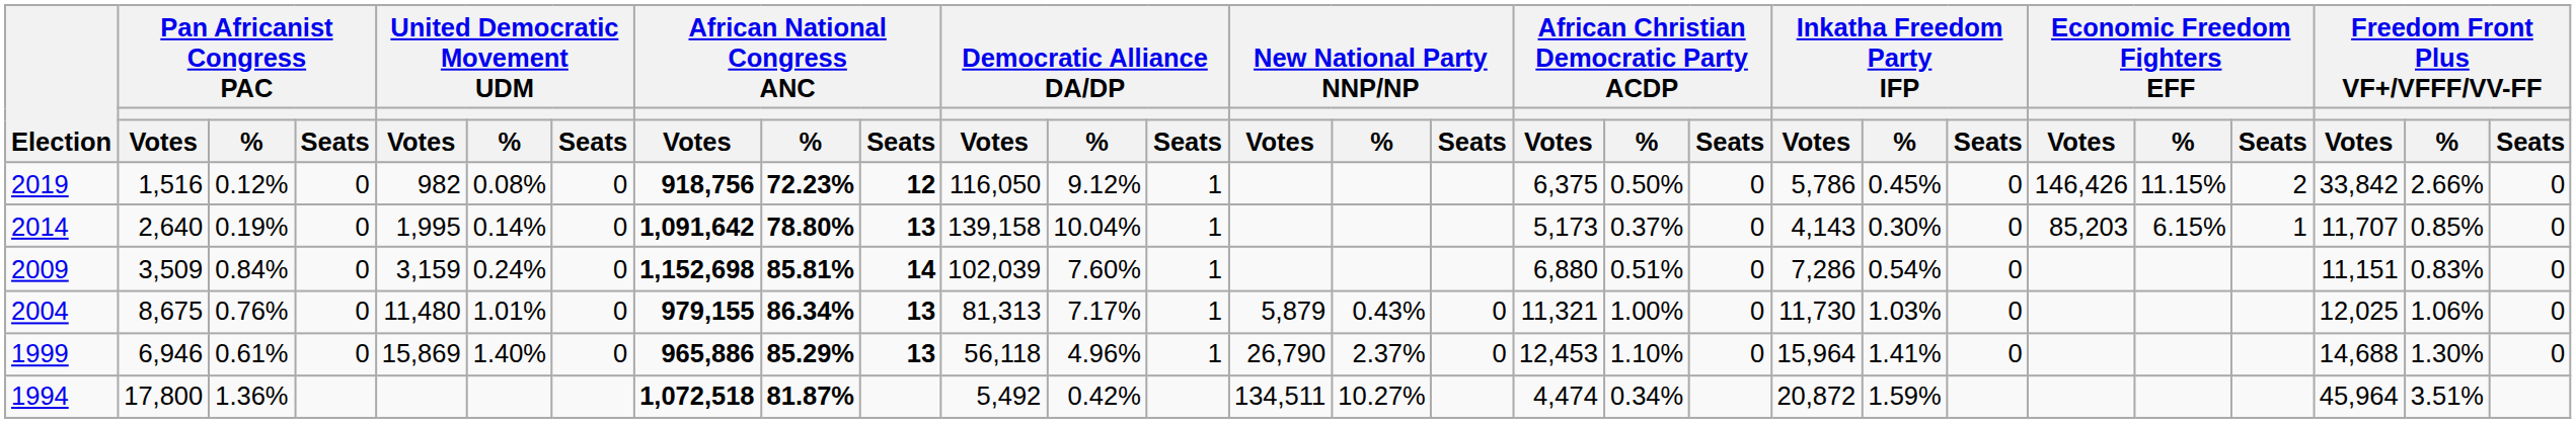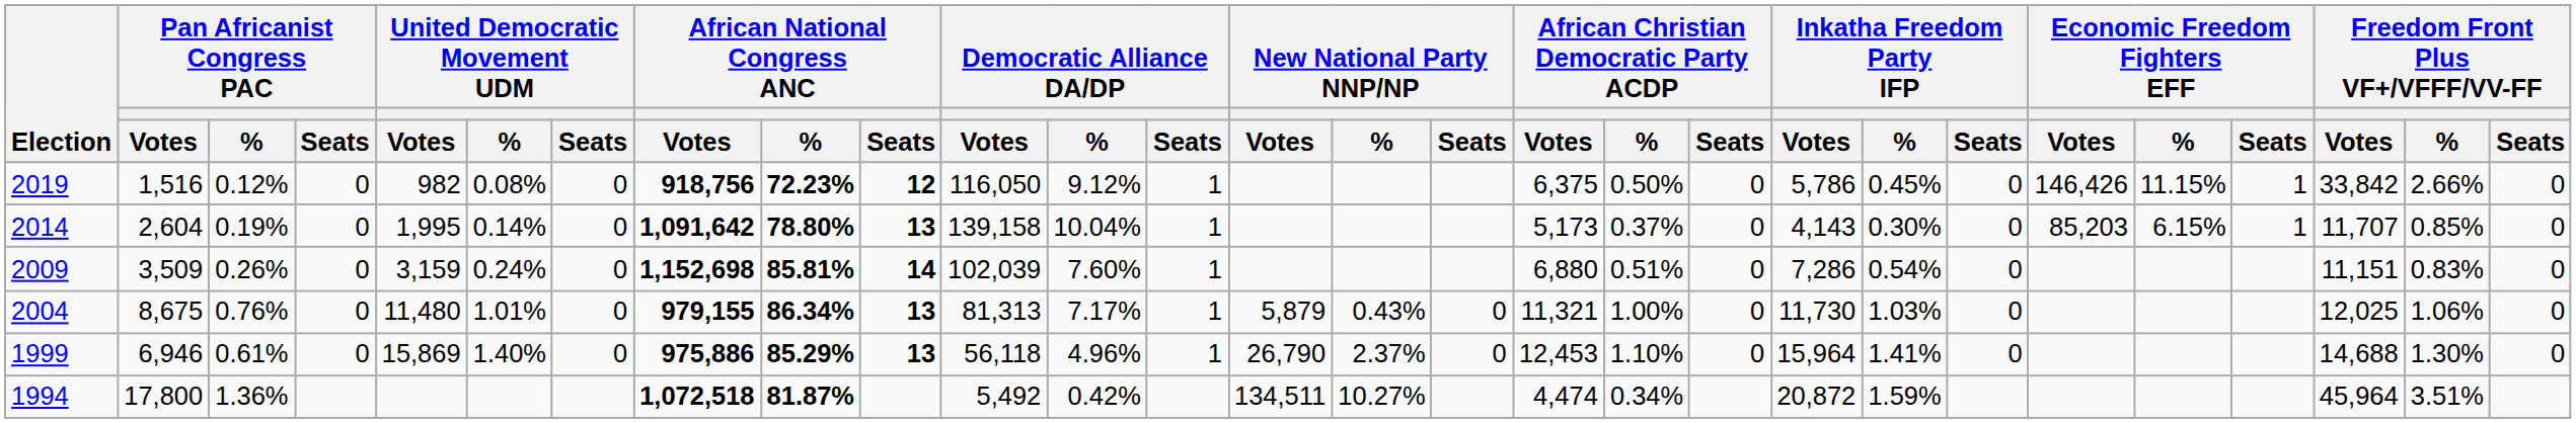 <table class="wikitable mw-collapsible mw-collapsed" border="1" style="font-size:80%; text-align:right;">
 <tr>
 <th style="text-align:left;" valign=bottom rowspan=3>Election</th>
 <th valign=bottom colspan=3><a href='#'>Pan Africanist<br>Congress</a><br>PAC</th>
 <th valign=bottom colspan=3><a href='#'>United Democratic<br>Movement</a><br>UDM</th>
 <th valign=bottom colspan=3><a href='#'>African National<br>Congress</a><br>ANC</th>
 <th valign=bottom colspan=3><a href='#'>Democratic Alliance</a><br>DA/DP</th>
 <th valign=bottom colspan=3><a href='#'>New National Party</a><br>NNP/NP</th>
 <th valign=bottom colspan=3><a href='#'>African Christian<br>Democratic Party</a><br>ACDP</th>
 <th valign=bottom colspan=3><a href='#'>Inkatha Freedom<br>Party</a><br>IFP</th>
 <th valign=bottom colspan=3><a href='#'>Economic Freedom<br>Fighters</a><br>EFF</th>
 <th valign=bottom colspan=3><a href='#'>Freedom Front<br>Plus</a><br>VF+/VFFF/VV-FF</th>
 </tr>
 <tr>
 <th colspan=3 style="background:"></th>
 <th colspan=3 style="background:"></th>
 <th colspan=3 style="background:"></th>
 <th colspan=3 style="background:"></th>
 <th colspan=3 style="background:"></th>
 <th colspan=3 style="background:"></th>
 <th colspan=3 style="background:"></th>
 <th colspan=3 style="background:"></th>
 <th colspan=3 style="background:"></th>
 </tr>
 <tr>
 <th>Votes</th>
 <th>%</th>
 <th>Seats</th>
 <th>Votes</th>
 <th>%</th>
 <th>Seats</th>
 <th>Votes</th>
 <th>%</th>
 <th>Seats</th>
 <th>Votes</th>
 <th>%</th>
 <th>Seats</th>
 <th>Votes</th>
 <th>%</th>
 <th>Seats</th>
 <th>Votes</th>
 <th>%</th>
 <th>Seats</th>
 <th>Votes</th>
 <th>%</th>
 <th>Seats</th>
 <th>Votes</th>
 <th>%</th>
 <th>Seats</th>
 <th>Votes</th>
 <th>%</th>
 <th>Seats</th>
 </tr>
 <tr>
 <td align=left><a href='#'>2019</a></td>
 <td>1,516</td>
 <td>0.12%</td>
 <td>0</td>
 <td>982</td>
 <td>0.08%</td>
 <td>0</td>
 <td><strong>918,756</strong></td>
 <td><strong>72.23%</strong></td>
 <td><strong>12</strong></td>
 <td>116,050</td>
 <td>9.12%</td>
 <td>1</td>
 <td></td>
 <td></td>
 <td></td>
 <td>6,375</td>
 <td>0.50%</td>
 <td>0</td>
 <td>5,786</td>
 <td>0.45%</td>
 <td>0</td>
 <td>146,426</td>
 <td>11.15%</td>
-<td>2</td>
+<td>1</td>
 <td>33,842</td>
 <td>2.66%</td>
 <td>0</td>
 </tr>
 <tr>
 <td align=left><a href='#'>2014</a></td>
-<td>2,640</td>
+<td>2,604</td>
 <td>0.19%</td>
 <td>0</td>
 <td>1,995</td>
 <td>0.14%</td>
 <td>0</td>
 <td><strong>1,091,642</strong></td>
 <td><strong>78.80%</strong></td>
 <td><strong>13</strong></td>
 <td>139,158</td>
 <td>10.04%</td>
 <td>1</td>
 <td></td>
 <td></td>
 <td></td>
 <td>5,173</td>
 <td>0.37%</td>
 <td>0</td>
 <td>4,143</td>
 <td>0.30%</td>
 <td>0</td>
 <td>85,203</td>
 <td>6.15%</td>
 <td>1</td>
 <td>11,707</td>
 <td>0.85%</td>
 <td>0</td>
 </tr>
 <tr>
 <td align=left><a href='#'>2009</a></td>
 <td>3,509</td>
-<td>0.84%</td>
+<td>0.26%</td>
 <td>0</td>
 <td>3,159</td>
 <td>0.24%</td>
 <td>0</td>
 <td><strong>1,152,698</strong></td>
 <td><strong>85.81%</strong></td>
 <td><strong>14</strong></td>
 <td>102,039</td>
 <td>7.60%</td>
 <td>1</td>
 <td></td>
 <td></td>
 <td></td>
 <td>6,880</td>
 <td>0.51%</td>
 <td>0</td>
 <td>7,286</td>
 <td>0.54%</td>
 <td>0</td>
 <td></td>
 <td></td>
 <td></td>
 <td>11,151</td>
 <td>0.83%</td>
 <td>0</td>
 </tr>
 <tr>
 <td align=left><a href='#'>2004</a></td>
 <td>8,675</td>
 <td>0.76%</td>
 <td>0</td>
 <td>11,480</td>
 <td>1.01%</td>
 <td>0</td>
 <td><strong>979,155</strong></td>
 <td><strong>86.34%</strong></td>
 <td><strong>13</strong></td>
 <td>81,313</td>
 <td>7.17%</td>
 <td>1</td>
 <td>5,879</td>
 <td>0.43%</td>
 <td>0</td>
 <td>11,321</td>
 <td>1.00%</td>
 <td>0</td>
 <td>11,730</td>
 <td>1.03%</td>
 <td>0</td>
 <td></td>
 <td></td>
 <td></td>
 <td>12,025</td>
 <td>1.06%</td>
 <td>0</td>
 </tr>
 <tr>
 <td align=left><a href='#'>1999</a></td>
 <td>6,946</td>
 <td>0.61%</td>
 <td>0</td>
 <td>15,869</td>
 <td>1.40%</td>
 <td>0</td>
-<td><strong>965,886</strong></td>
+<td><strong>975,886</strong></td>
 <td><strong>85.29%</strong></td>
 <td><strong>13</strong></td>
 <td>56,118</td>
 <td>4.96%</td>
 <td>1</td>
 <td>26,790</td>
 <td>2.37%</td>
 <td>0</td>
 <td>12,453</td>
 <td>1.10%</td>
 <td>0</td>
 <td>15,964</td>
 <td>1.41%</td>
 <td>0</td>
 <td></td>
 <td></td>
 <td></td>
 <td>14,688</td>
 <td>1.30%</td>
 <td>0</td>
 </tr>
 <tr>
 <td align=left><a href='#'>1994</a></td>
 <td>17,800</td>
 <td>1.36%</td>
 <td></td>
 <td></td>
 <td></td>
 <td></td>
 <td><strong>1,072,518</strong></td>
 <td><strong>81.87%</strong></td>
 <td></td>
 <td>5,492</td>
 <td>0.42%</td>
 <td></td>
 <td>134,511</td>
 <td>10.27%</td>
 <td></td>
 <td>4,474</td>
 <td>0.34%</td>
 <td></td>
 <td>20,872</td>
 <td>1.59%</td>
 <td></td>
 <td></td>
 <td></td>
 <td></td>
 <td>45,964</td>
 <td>3.51%</td>
 <td></td>
 </tr>
 </table>
